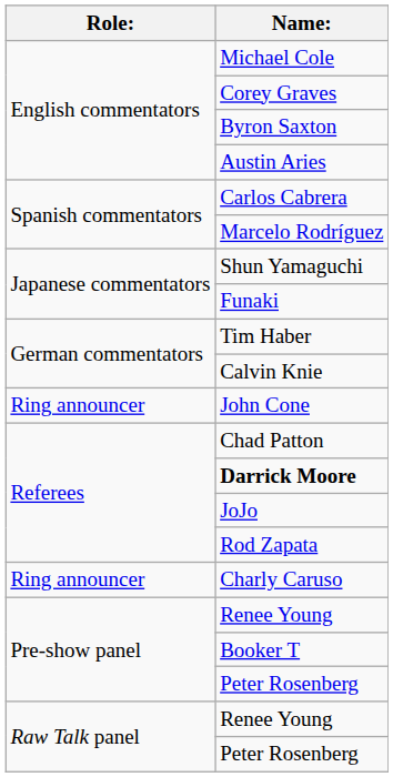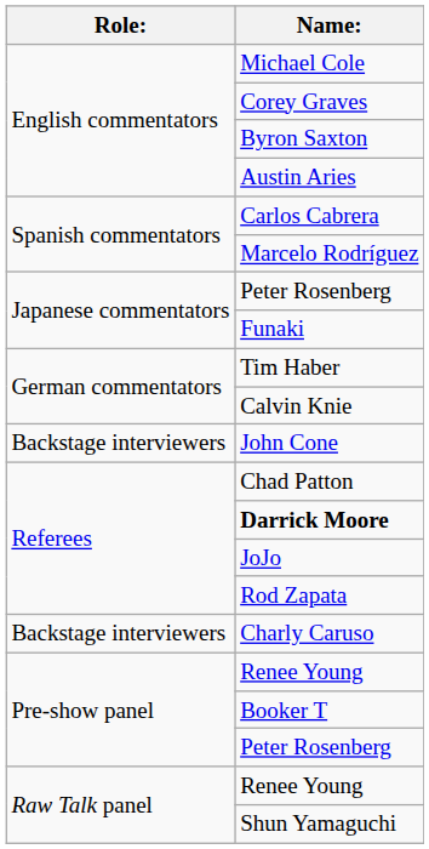 <table class=wikitable style="font-size:90%; margin: 0.5em 0 0.5em 1em; float: right; clear: right;">
 <tr>
 <th>Role:</th>
 <th>Name:</th>
 </tr>
 <tr>
 <td rowspan=4>English commentators</td>
 <td><a href='#'>Michael Cole</a> </td>
 </tr>
 <tr>
 <td><a href='#'>Corey Graves</a> </td>
 </tr>
 <tr>
 <td><a href='#'>Byron Saxton</a> </td>
 </tr>
 <tr>
 <td><a href='#'>Austin Aries</a> </td>
 </tr>
 <tr>
 <td rowspan=2>Spanish commentators</td>
 <td><a href='#'>Carlos Cabrera</a></td>
 </tr>
 <tr>
 <td><a href='#'>Marcelo Rodríguez</a></td>
 </tr>
 <tr>
 <td rowspan=2>Japanese commentators</td>
-<td>Shun Yamaguchi</td>
+<td>Peter Rosenberg</td>
 </tr>
 <tr>
 <td><a href='#'>Funaki</a></td>
 </tr>
 <tr>
 <td rowspan=2>German commentators</td>
 <td>Tim Haber</td>
 </tr>
 <tr>
 <td>Calvin Knie</td>
 </tr>
 <tr>
-<td rowspan=1><a href='#'>Ring announcer</a></td>
+<td rowspan=1>Backstage interviewers</td>
 <td><a href='#'>John Cone</a></td>
 </tr>
 <tr>
 <td rowspan=4><a href='#'>Referees</a></td>
 <td>Chad Patton</td>
 </tr>
 <tr>
 <td><strong>Darrick Moore</strong></td>
 </tr>
 <tr>
 <td><a href='#'>JoJo</a></td>
 </tr>
 <tr>
 <td><a href='#'>Rod Zapata</a></td>
 </tr>
 <tr>
-<td rowspan=1><a href='#'>Ring announcer</a></td>
+<td rowspan=1>Backstage interviewers</td>
 <td><a href='#'>Charly Caruso</a></td>
 </tr>
 <tr>
 <td rowspan=3>Pre-show panel</td>
 <td><a href='#'>Renee Young</a></td>
 </tr>
 <tr>
 <td><a href='#'>Booker T</a></td>
 </tr>
 <tr>
 <td><a href='#'>Peter Rosenberg</a></td>
 </tr>
 <tr>
 <td rowspan=2><em>Raw Talk</em> panel</td>
 <td>Renee Young</td>
 </tr>
 <tr>
-<td>Peter Rosenberg</td>
+<td>Shun Yamaguchi</td>
 </tr>
 </table>
